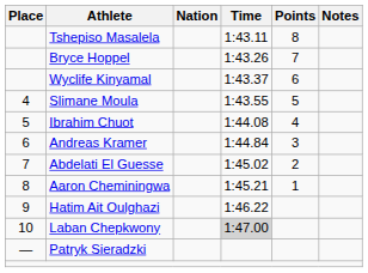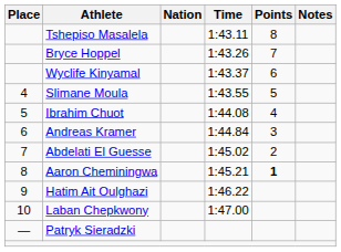 <table class="wikitable mw-datatable sortable" style="text-align:center;">
 <tr>
 <th scope="col">Place</th>
 <th scope="col">Athlete</th>
 <th scope="col">Nation</th>
 <th scope="col">Time</th>
 <th scope="col">Points</th>
 <th scope="col">Notes</th>
 </tr>
 <tr>
 <td></td>
 <td align="left"><a href='#'>Tshepiso Masalela</a></td>
 <td align="left"></td>
 <td>1:43.11</td>
 <td>8</td>
 <td></td>
 </tr>
 <tr>
 <td></td>
 <td align="left"><a href='#'>Bryce Hoppel</a></td>
 <td align="left"></td>
 <td>1:43.26</td>
 <td>7</td>
 <td></td>
 </tr>
 <tr>
 <td></td>
 <td align="left"><a href='#'>Wyclife Kinyamal</a></td>
 <td align="left"></td>
 <td>1:43.37</td>
 <td>6</td>
 <td></td>
 </tr>
 <tr>
 <td>4</td>
 <td align="left"><a href='#'>Slimane Moula</a></td>
 <td align="left"></td>
 <td>1:43.55</td>
 <td>5</td>
 <td></td>
 </tr>
 <tr>
 <td>5</td>
 <td align="left"><a href='#'>Ibrahim Chuot</a></td>
 <td align="left"></td>
 <td>1:44.08</td>
 <td>4</td>
 <td></td>
 </tr>
 <tr>
 <td>6</td>
 <td align="left"><a href='#'>Andreas Kramer</a></td>
 <td align="left"></td>
 <td>1:44.84</td>
 <td>3</td>
 <td></td>
 </tr>
 <tr>
 <td>7</td>
 <td align="left"><a href='#'>Abdelati El Guesse</a></td>
 <td align="left"></td>
 <td>1:45.02</td>
 <td>2</td>
 <td></td>
 </tr>
 <tr>
 <td>8</td>
 <td align="left"><a href='#'>Aaron Cheminingwa</a></td>
 <td align="left"></td>
 <td>1:45.21</td>
-<td>1</td>
+<td><strong>1</strong></td>
 <td></td>
 </tr>
 <tr>
 <td>9</td>
 <td align="left"><a href='#'>Hatim Ait Oulghazi</a></td>
 <td align="left"></td>
 <td>1:46.22</td>
 <td></td>
 <td></td>
 </tr>
 <tr>
 <td>10</td>
 <td align="left"><a href='#'>Laban Chepkwony</a></td>
 <td align="left"></td>
-<td style="background: lightgrey;">1:47.00</td>
+<td>1:47.00</td>
 <td></td>
 <td></td>
 </tr>
 <tr>
 <td>—</td>
 <td align="left"><a href='#'>Patryk Sieradzki</a></td>
 <td align="left"></td>
 <td></td>
 <td></td>
 <td></td>
 </tr>
 <tr class="sortbottom">
 <td colspan="6"></td>
 </tr>
 </table>
